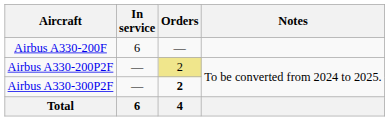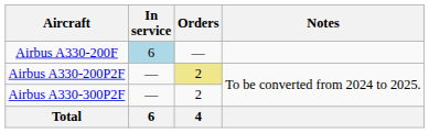 <table class="wikitable" style="margin:0.5em auto; text-align:center">
 <tr>
 <th>Aircraft</th>
 <th>In <br> service</th>
 <th>Orders</th>
 <th>Notes</th>
 </tr>
 <tr>
 <td><a href='#'>Airbus A330-200F</a></td>
-<td>6</td>
+<td style="background: lightblue;">6</td>
 <td>—</td>
 <td></td>
 </tr>
 <tr>
 <td><a href='#'>Airbus A330-200P2F</a></td>
 <td>—</td>
 <td style="background: khaki;">2</td>
 <td rowspan=2>To be converted from 2024 to 2025.</td>
 </tr>
 <tr>
 <td><a href='#'>Airbus A330-300P2F</a></td>
 <td>—</td>
-<td><strong>2</strong></td>
+<td>2</td>
 </tr>
 <tr>
 <th>Total</th>
 <th>6</th>
 <th>4</th>
 <th></th>
 </tr>
 </table>
